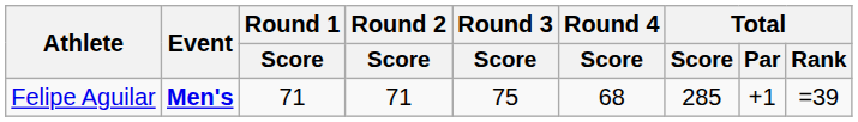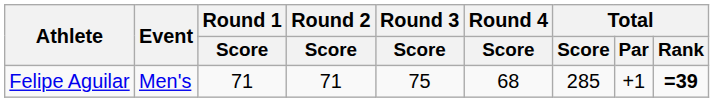 <table class=wikitable style="font-size:90%;">
 <tr>
 <th rowspan=2>Athlete</th>
 <th rowspan=2>Event</th>
 <th>Round 1</th>
 <th>Round 2</th>
 <th>Round 3</th>
 <th>Round 4</th>
 <th colspan=3>Total</th>
 </tr>
 <tr style="font-size:95%">
 <th>Score</th>
 <th>Score</th>
 <th>Score</th>
 <th>Score</th>
 <th>Score</th>
 <th>Par</th>
 <th>Rank</th>
 </tr>
 <tr align=center>
 <td align=left><a href='#'>Felipe Aguilar</a></td>
-<td align=left><strong><a href='#'>Men's</a></strong></td>
+<td align=left><a href='#'>Men's</a></td>
 <td>71</td>
 <td>71</td>
 <td>75</td>
 <td>68</td>
 <td>285</td>
 <td>+1</td>
-<td>=39</td>
+<td><strong>=39</strong></td>
 </tr>
 </table>
